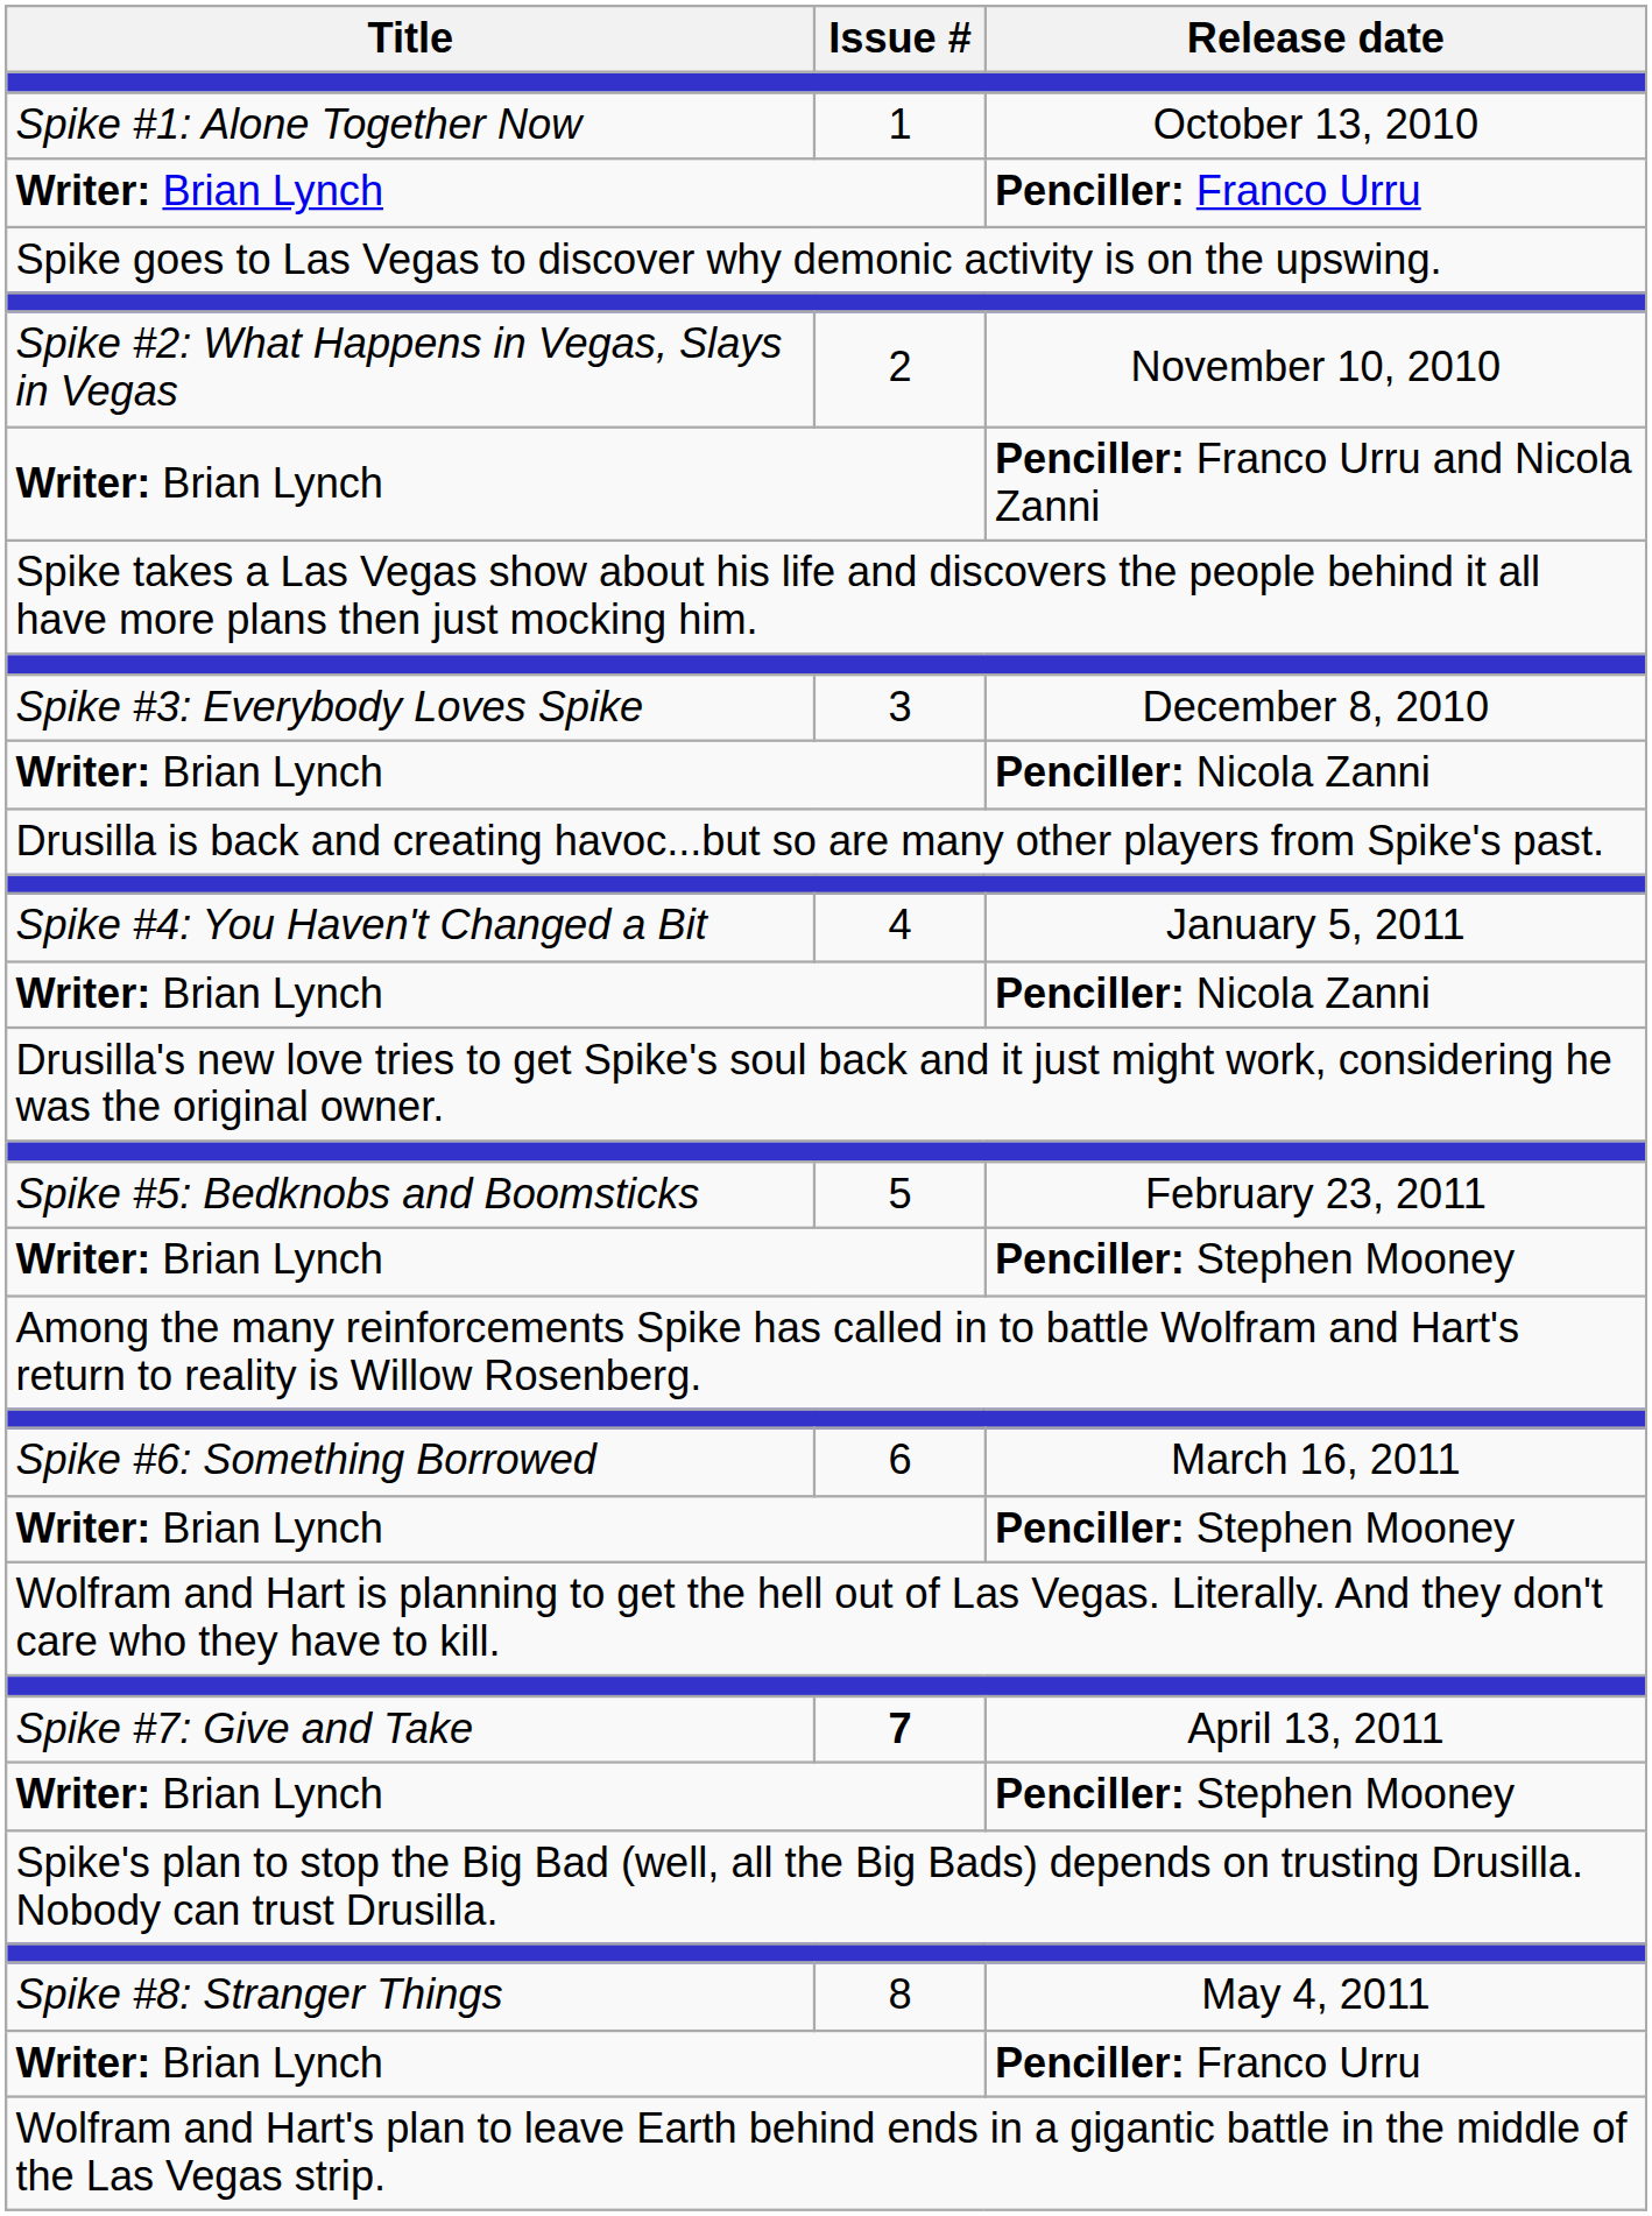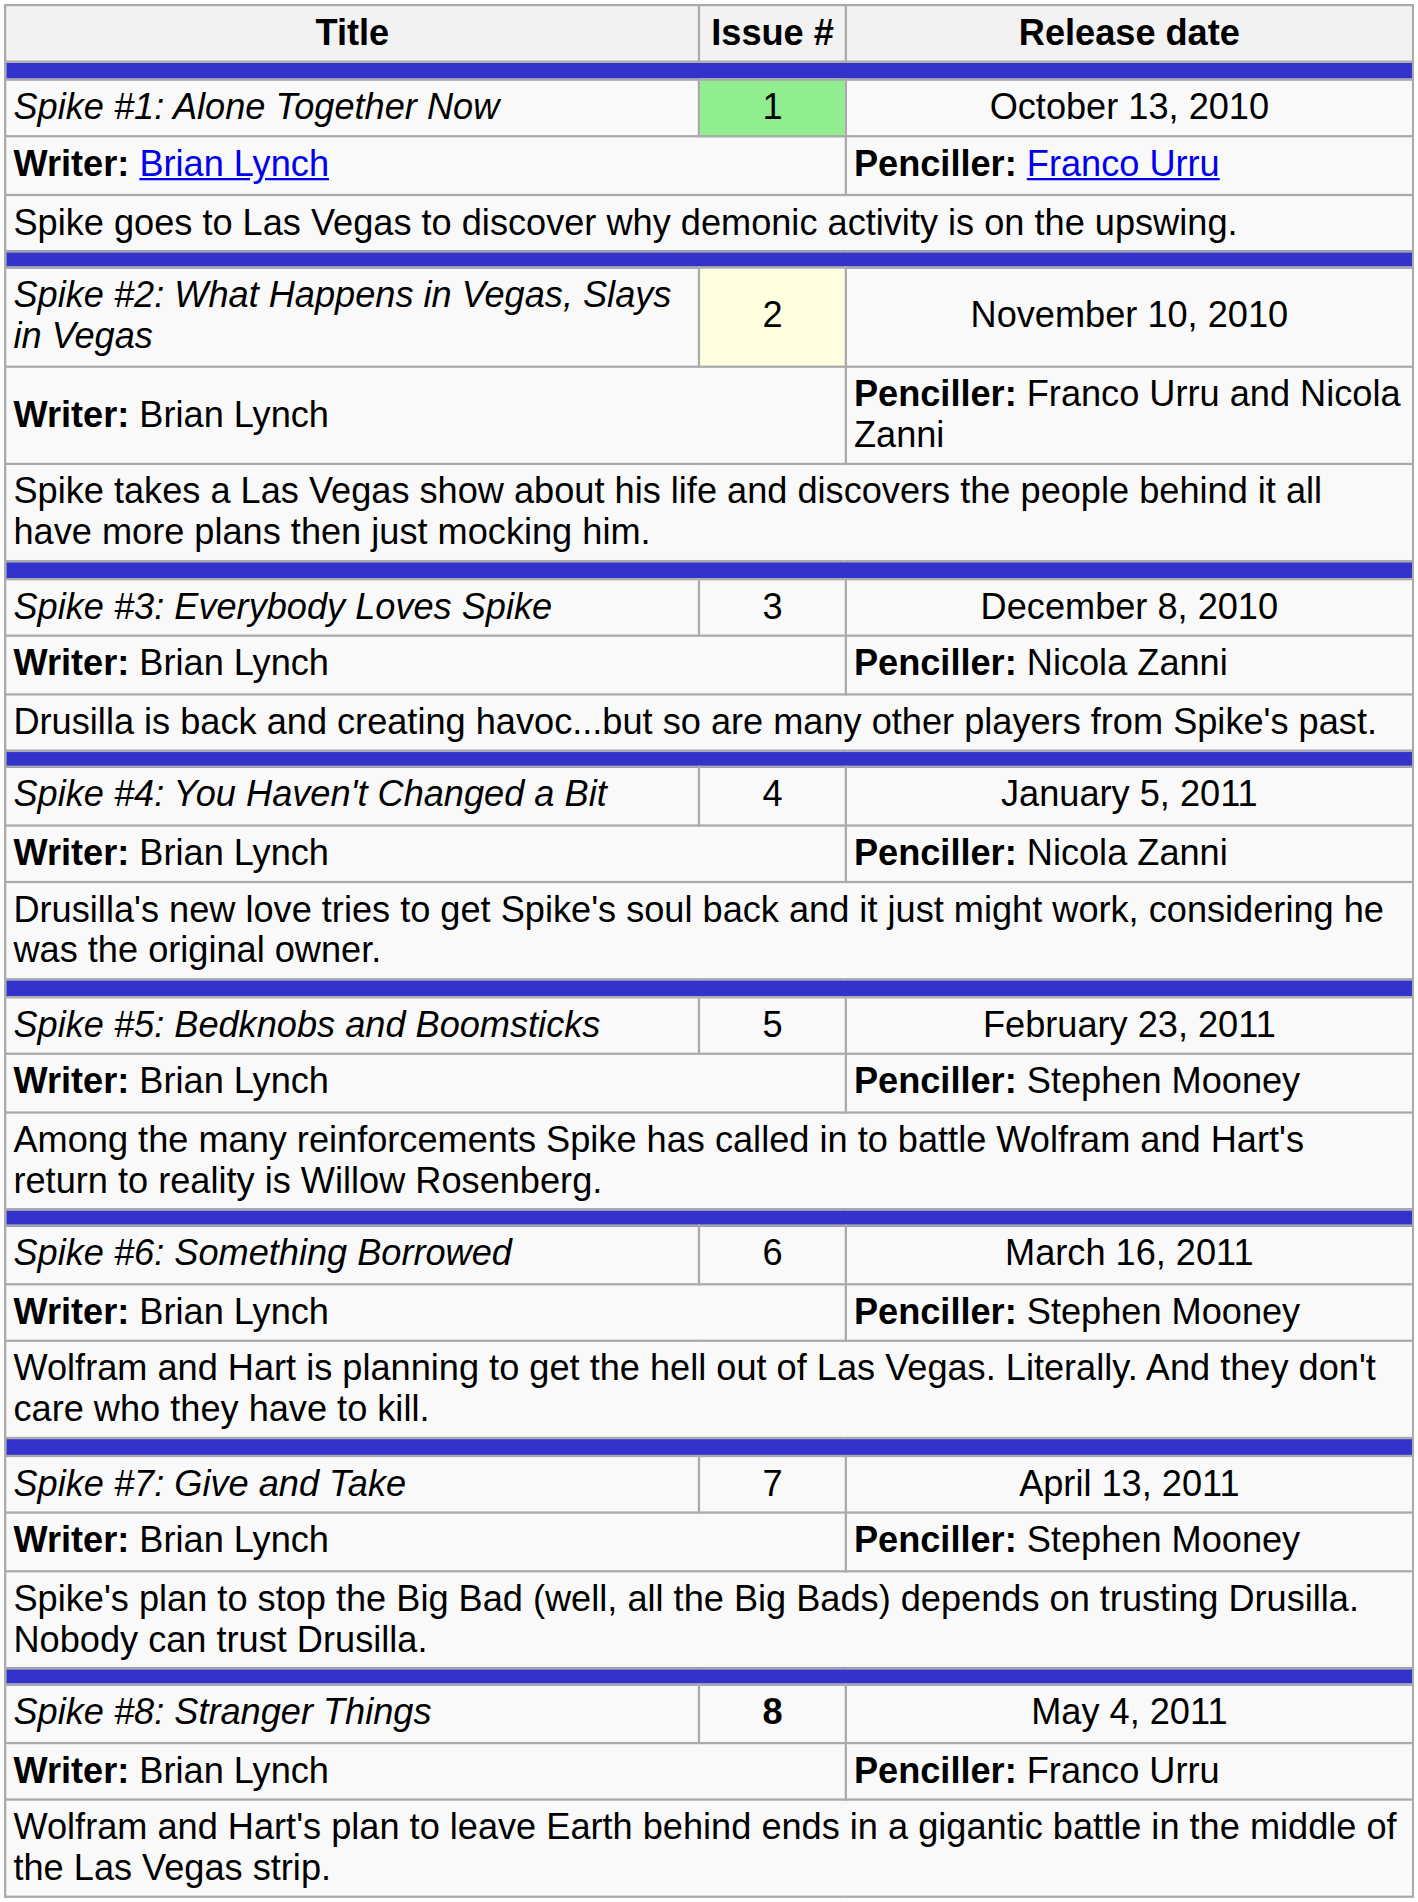 <table class="wikitable" width="100%">
 <tr>
 <th>Title</th>
 <th>Issue #</th>
 <th>Release date</th>
 </tr>
 <tr>
 <td colspan="6" bgcolor="#3333CC"></td>
 </tr>
 <tr>
 <td><em>Spike #1: Alone Together Now</em></td>
-<td align="center">1</td>
+<td align="center" style="background: lightgreen;">1</td>
 <td align="center">October 13, 2010</td>
 </tr>
 <tr>
 <td colspan="2" rowspan="1"><strong>Writer:</strong> <a href='#'>Brian Lynch</a></td>
 <td><strong>Penciller:</strong> <a href='#'>Franco Urru</a></td>
 </tr>
 <tr>
 <td colspan="6">Spike goes to Las Vegas to discover why demonic activity is on the upswing.</td>
 </tr>
 <tr>
 <td colspan="6" bgcolor="#3333CC"></td>
 </tr>
 <tr>
 <td><em>Spike #2: What Happens in Vegas, Slays in Vegas</em></td>
-<td align="center">2</td>
+<td align="center" style="background: lightyellow;">2</td>
 <td align="center">November 10, 2010</td>
 </tr>
 <tr>
 <td colspan="2" rowspan="1"><strong>Writer:</strong> Brian Lynch</td>
 <td><strong>Penciller:</strong> Franco Urru and Nicola Zanni</td>
 </tr>
 <tr>
 <td colspan="6">Spike takes a Las Vegas show about his life and discovers the people behind it all have more plans then just mocking him.</td>
 </tr>
 <tr>
 <td colspan="6" bgcolor="#3333CC"></td>
 </tr>
 <tr>
 <td><em>Spike #3: Everybody Loves Spike</em></td>
 <td align="center">3</td>
 <td align="center">December 8, 2010</td>
 </tr>
 <tr>
 <td colspan="2" rowspan="1"><strong>Writer:</strong> Brian Lynch</td>
 <td><strong>Penciller:</strong> Nicola Zanni</td>
 </tr>
 <tr>
 <td colspan="6">Drusilla is back and creating havoc...but so are many other players from Spike's past.</td>
 </tr>
 <tr>
 <td colspan="6" bgcolor="#3333CC"></td>
 </tr>
 <tr>
 <td><em>Spike #4: You Haven't Changed a Bit</em></td>
 <td align="center">4</td>
 <td align="center">January 5, 2011</td>
 </tr>
 <tr>
 <td colspan="2" rowspan="1"><strong>Writer:</strong> Brian Lynch</td>
 <td><strong>Penciller:</strong> Nicola Zanni</td>
 </tr>
 <tr>
 <td colspan="6">Drusilla's new love tries to get Spike's soul back and it just might work, considering he was the original owner.</td>
 </tr>
 <tr>
 <td colspan="6" bgcolor="#3333CC"></td>
 </tr>
 <tr>
 <td><em>Spike #5: Bedknobs and Boomsticks</em></td>
 <td align="center">5</td>
 <td align="center">February 23, 2011</td>
 </tr>
 <tr>
 <td colspan="2" rowspan="1"><strong>Writer:</strong> Brian Lynch</td>
 <td><strong>Penciller:</strong> Stephen Mooney</td>
 </tr>
 <tr>
 <td colspan="6">Among the many reinforcements Spike has called in to battle Wolfram and Hart's return to reality is Willow Rosenberg.</td>
 </tr>
 <tr>
 <td colspan="6" bgcolor="#3333CC"></td>
 </tr>
 <tr>
 <td><em>Spike #6: Something Borrowed </em></td>
 <td align="center">6</td>
 <td align="center">March 16, 2011</td>
 </tr>
 <tr>
 <td colspan="2" rowspan="1"><strong>Writer:</strong> Brian Lynch</td>
 <td><strong>Penciller:</strong> Stephen Mooney</td>
 </tr>
 <tr>
 <td colspan="6">Wolfram and Hart is planning to get the hell out of Las Vegas. Literally. And they don't care who they have to kill.</td>
 </tr>
 <tr>
 <td colspan="6" bgcolor="#3333CC"></td>
 </tr>
 <tr>
 <td><em>Spike #7: Give and Take</em></td>
-<td align="center"><strong>7</strong></td>
+<td align="center">7</td>
 <td align="center">April 13, 2011</td>
 </tr>
 <tr>
 <td colspan="2" rowspan="1"><strong>Writer:</strong> Brian Lynch</td>
 <td><strong>Penciller:</strong> Stephen Mooney</td>
 </tr>
 <tr>
 <td colspan="6">Spike's plan to stop the Big Bad (well, all the Big Bads) depends on trusting Drusilla. Nobody can trust Drusilla.</td>
 </tr>
 <tr>
 <td colspan="6" bgcolor="#3333CC"></td>
 </tr>
 <tr>
 <td><em>Spike #8: Stranger Things </em></td>
-<td align="center">8</td>
+<td align="center"><strong>8</strong></td>
 <td align="center">May 4, 2011</td>
 </tr>
 <tr>
 <td colspan="2" rowspan="1"><strong>Writer:</strong> Brian Lynch</td>
 <td><strong>Penciller:</strong> Franco Urru</td>
 </tr>
 <tr>
 <td colspan="6">Wolfram and Hart's plan to leave Earth behind ends in a gigantic battle in the middle of the Las Vegas strip.</td>
 </tr>
 </table>
